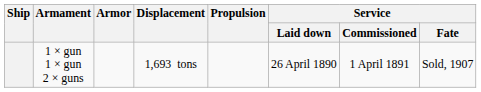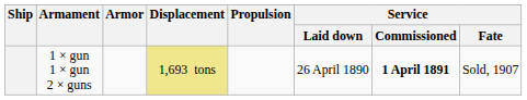 <table class="wikitable plainrowheaders" style="text-align: center;">
 <tr valign="top">
 <th scope="col" rowspan="2">Ship</th>
 <th scope="col" rowspan="2">Armament</th>
 <th scope="col" rowspan="2">Armor</th>
 <th scope="col" rowspan="2">Displacement</th>
 <th scope="col" rowspan="2">Propulsion</th>
 <th scope="col" colspan="3">Service</th>
 </tr>
 <tr valign="top">
 <th scope="col">Laid down</th>
 <th scope="col">Commissioned</th>
 <th scope="col">Fate</th>
 </tr>
 <tr valign="center">
 <th scope="row"></th>
 <td>1 ×  gun <br>1 ×  gun <br>2 ×  guns</td>
 <td></td>
-<td>1,693  tons</td>
+<td style="background: khaki;">1,693  tons</td>
 <td></td>
 <td>26 April 1890</td>
-<td>1 April 1891</td>
+<td><strong>1 April 1891</strong></td>
 <td>Sold, 1907</td>
 </tr>
 </table>
